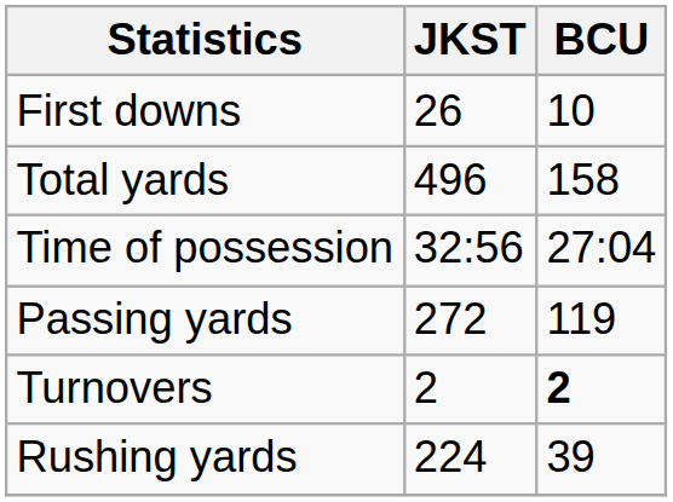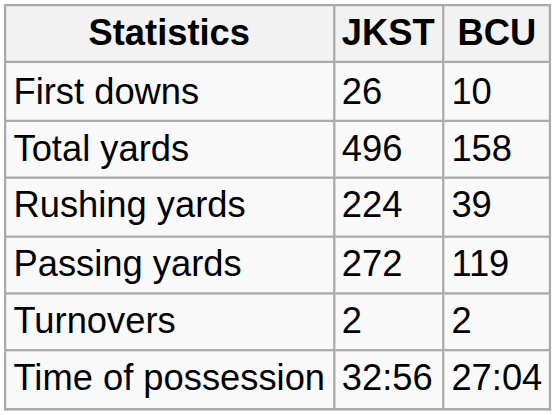 <table class="wikitable">
 <tr>
 <th>Statistics</th>
 <th>JKST</th>
 <th>BCU</th>
 </tr>
 <tr>
 <td>First downs</td>
 <td>26</td>
 <td>10</td>
 </tr>
 <tr>
 <td>Total yards</td>
 <td>496</td>
 <td>158</td>
 </tr>
 <tr>
-<td>Time of possession</td>
-<td>32:56</td>
-<td>27:04</td>
+<td>Rushing yards</td>
+<td>224</td>
+<td>39</td>
 </tr>
 <tr>
 <td>Passing yards</td>
 <td>272</td>
 <td>119</td>
 </tr>
 <tr>
 <td>Turnovers</td>
 <td>2</td>
-<td><strong>2</strong></td>
+<td>2</td>
 </tr>
 <tr>
-<td>Rushing yards</td>
-<td>224</td>
-<td>39</td>
+<td>Time of possession</td>
+<td>32:56</td>
+<td>27:04</td>
 </tr>
 <tr>
 </tr>
 </table>
